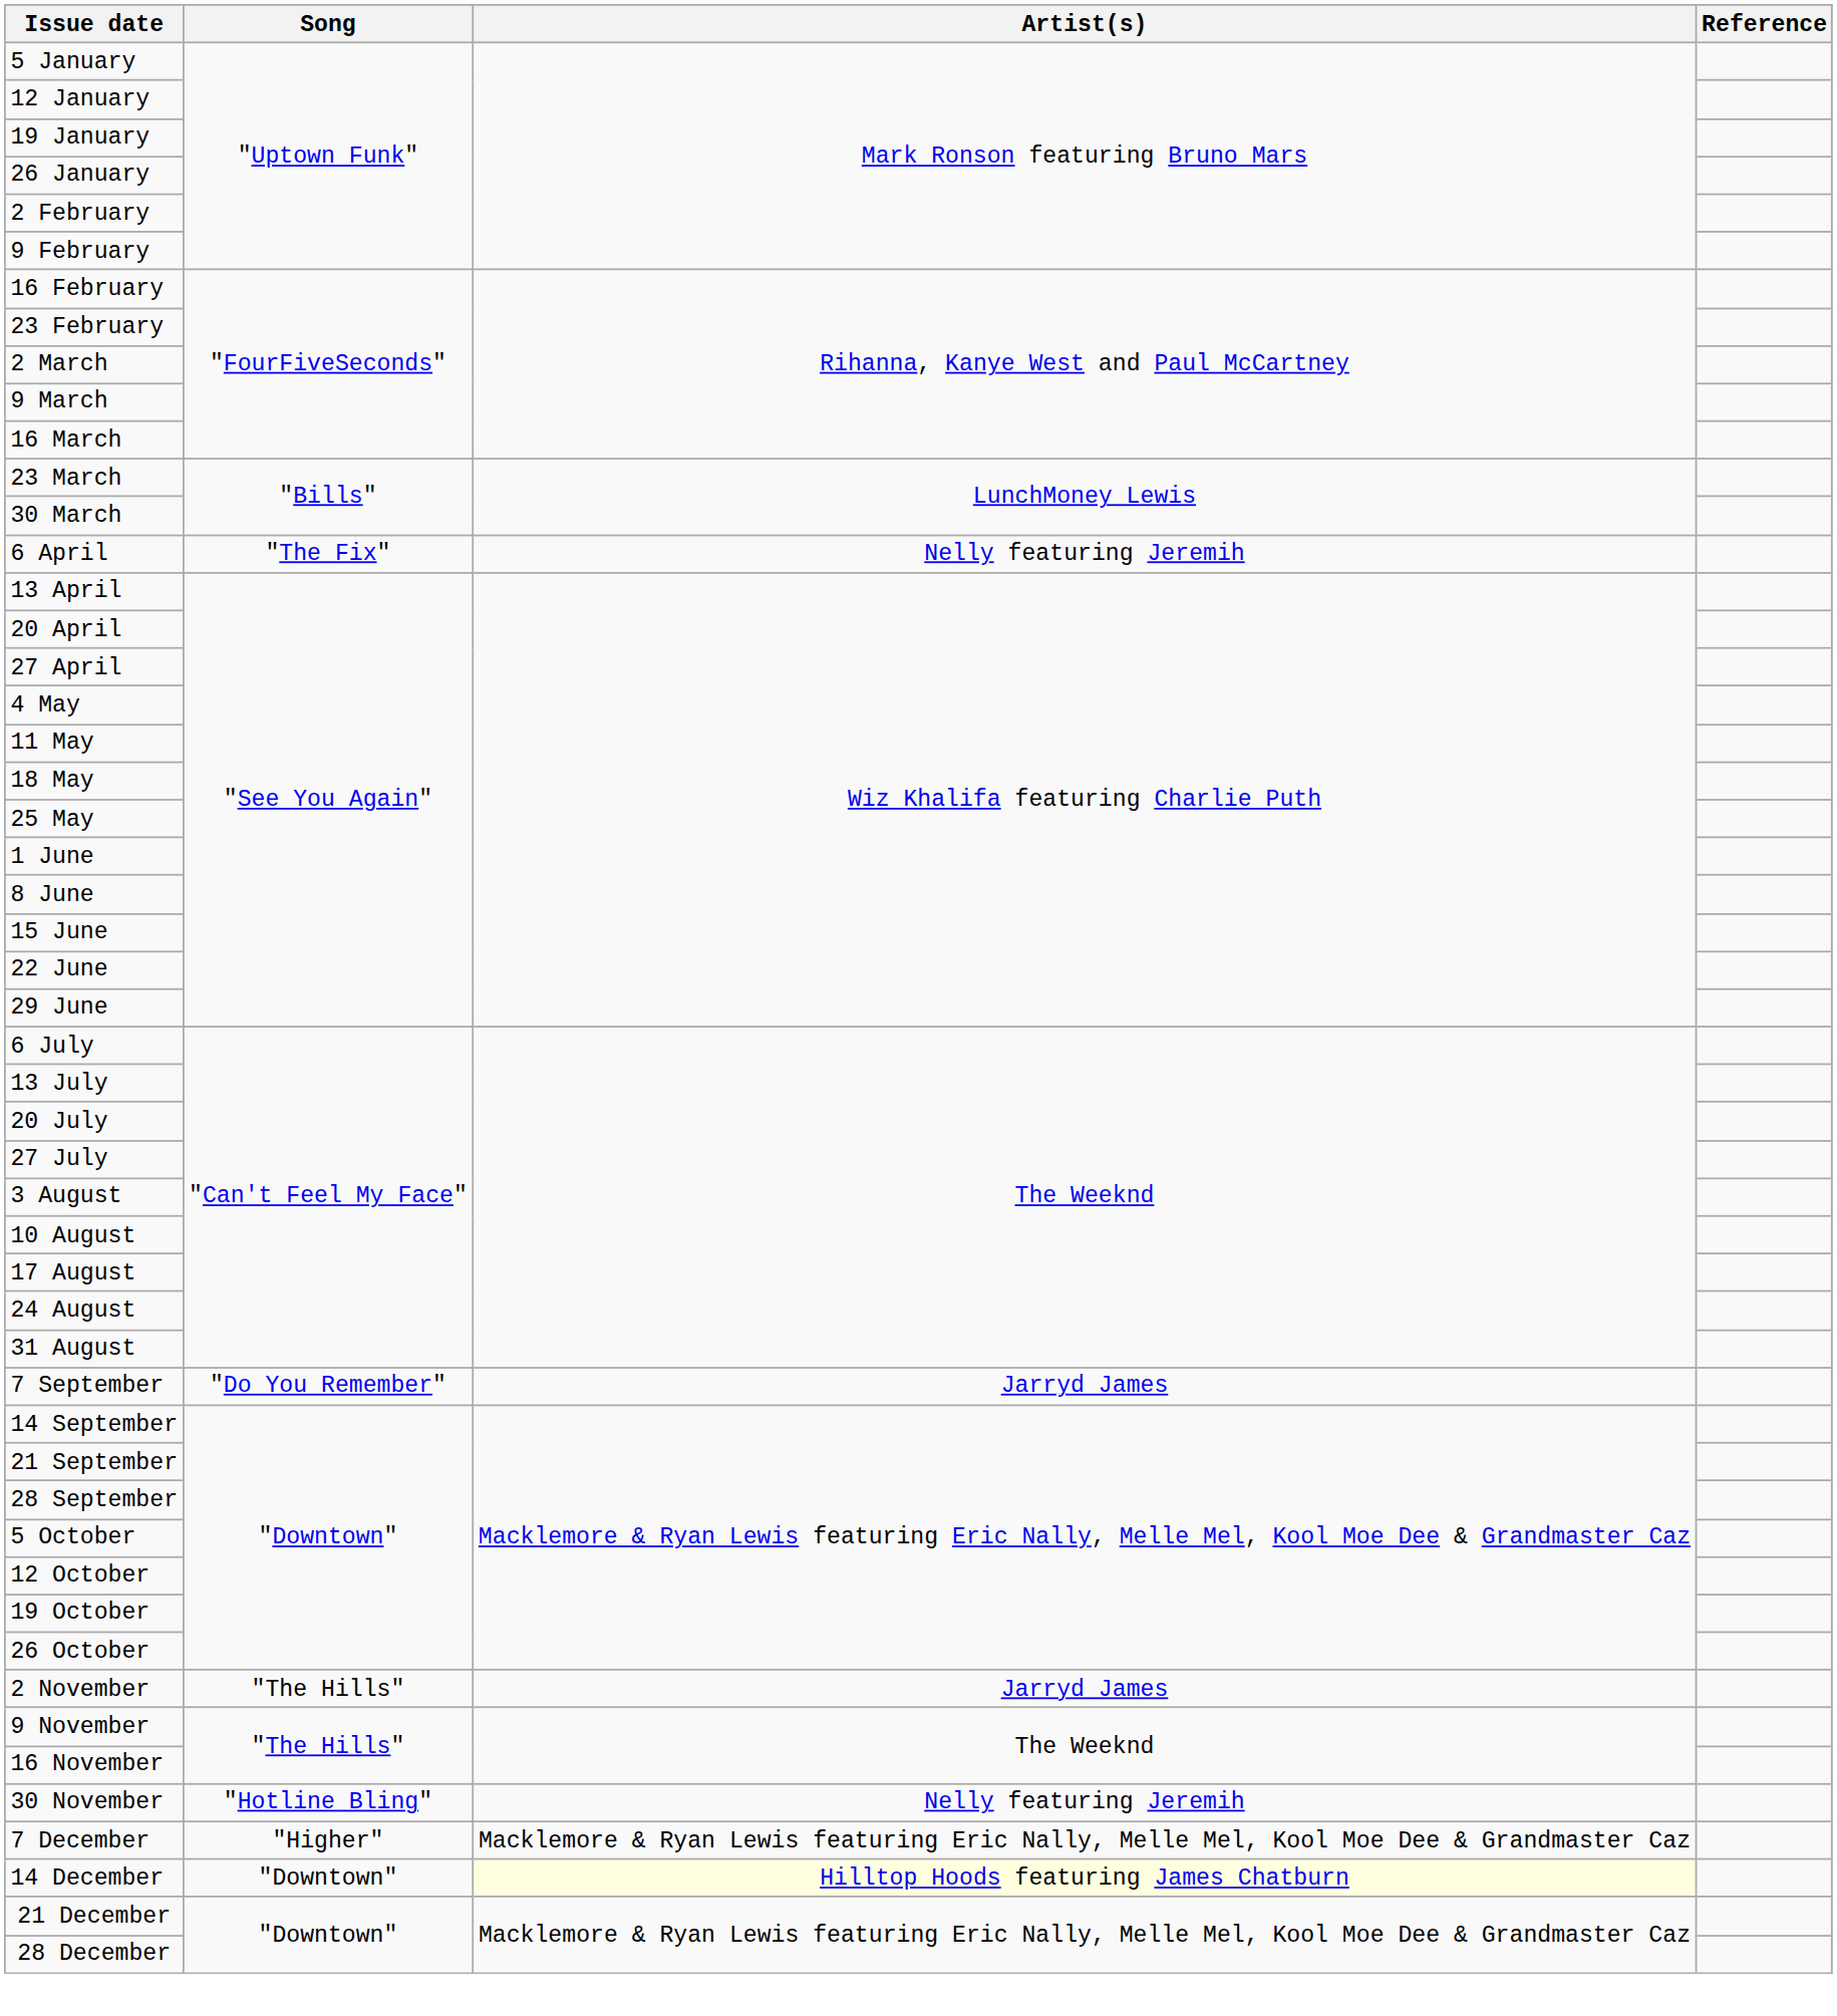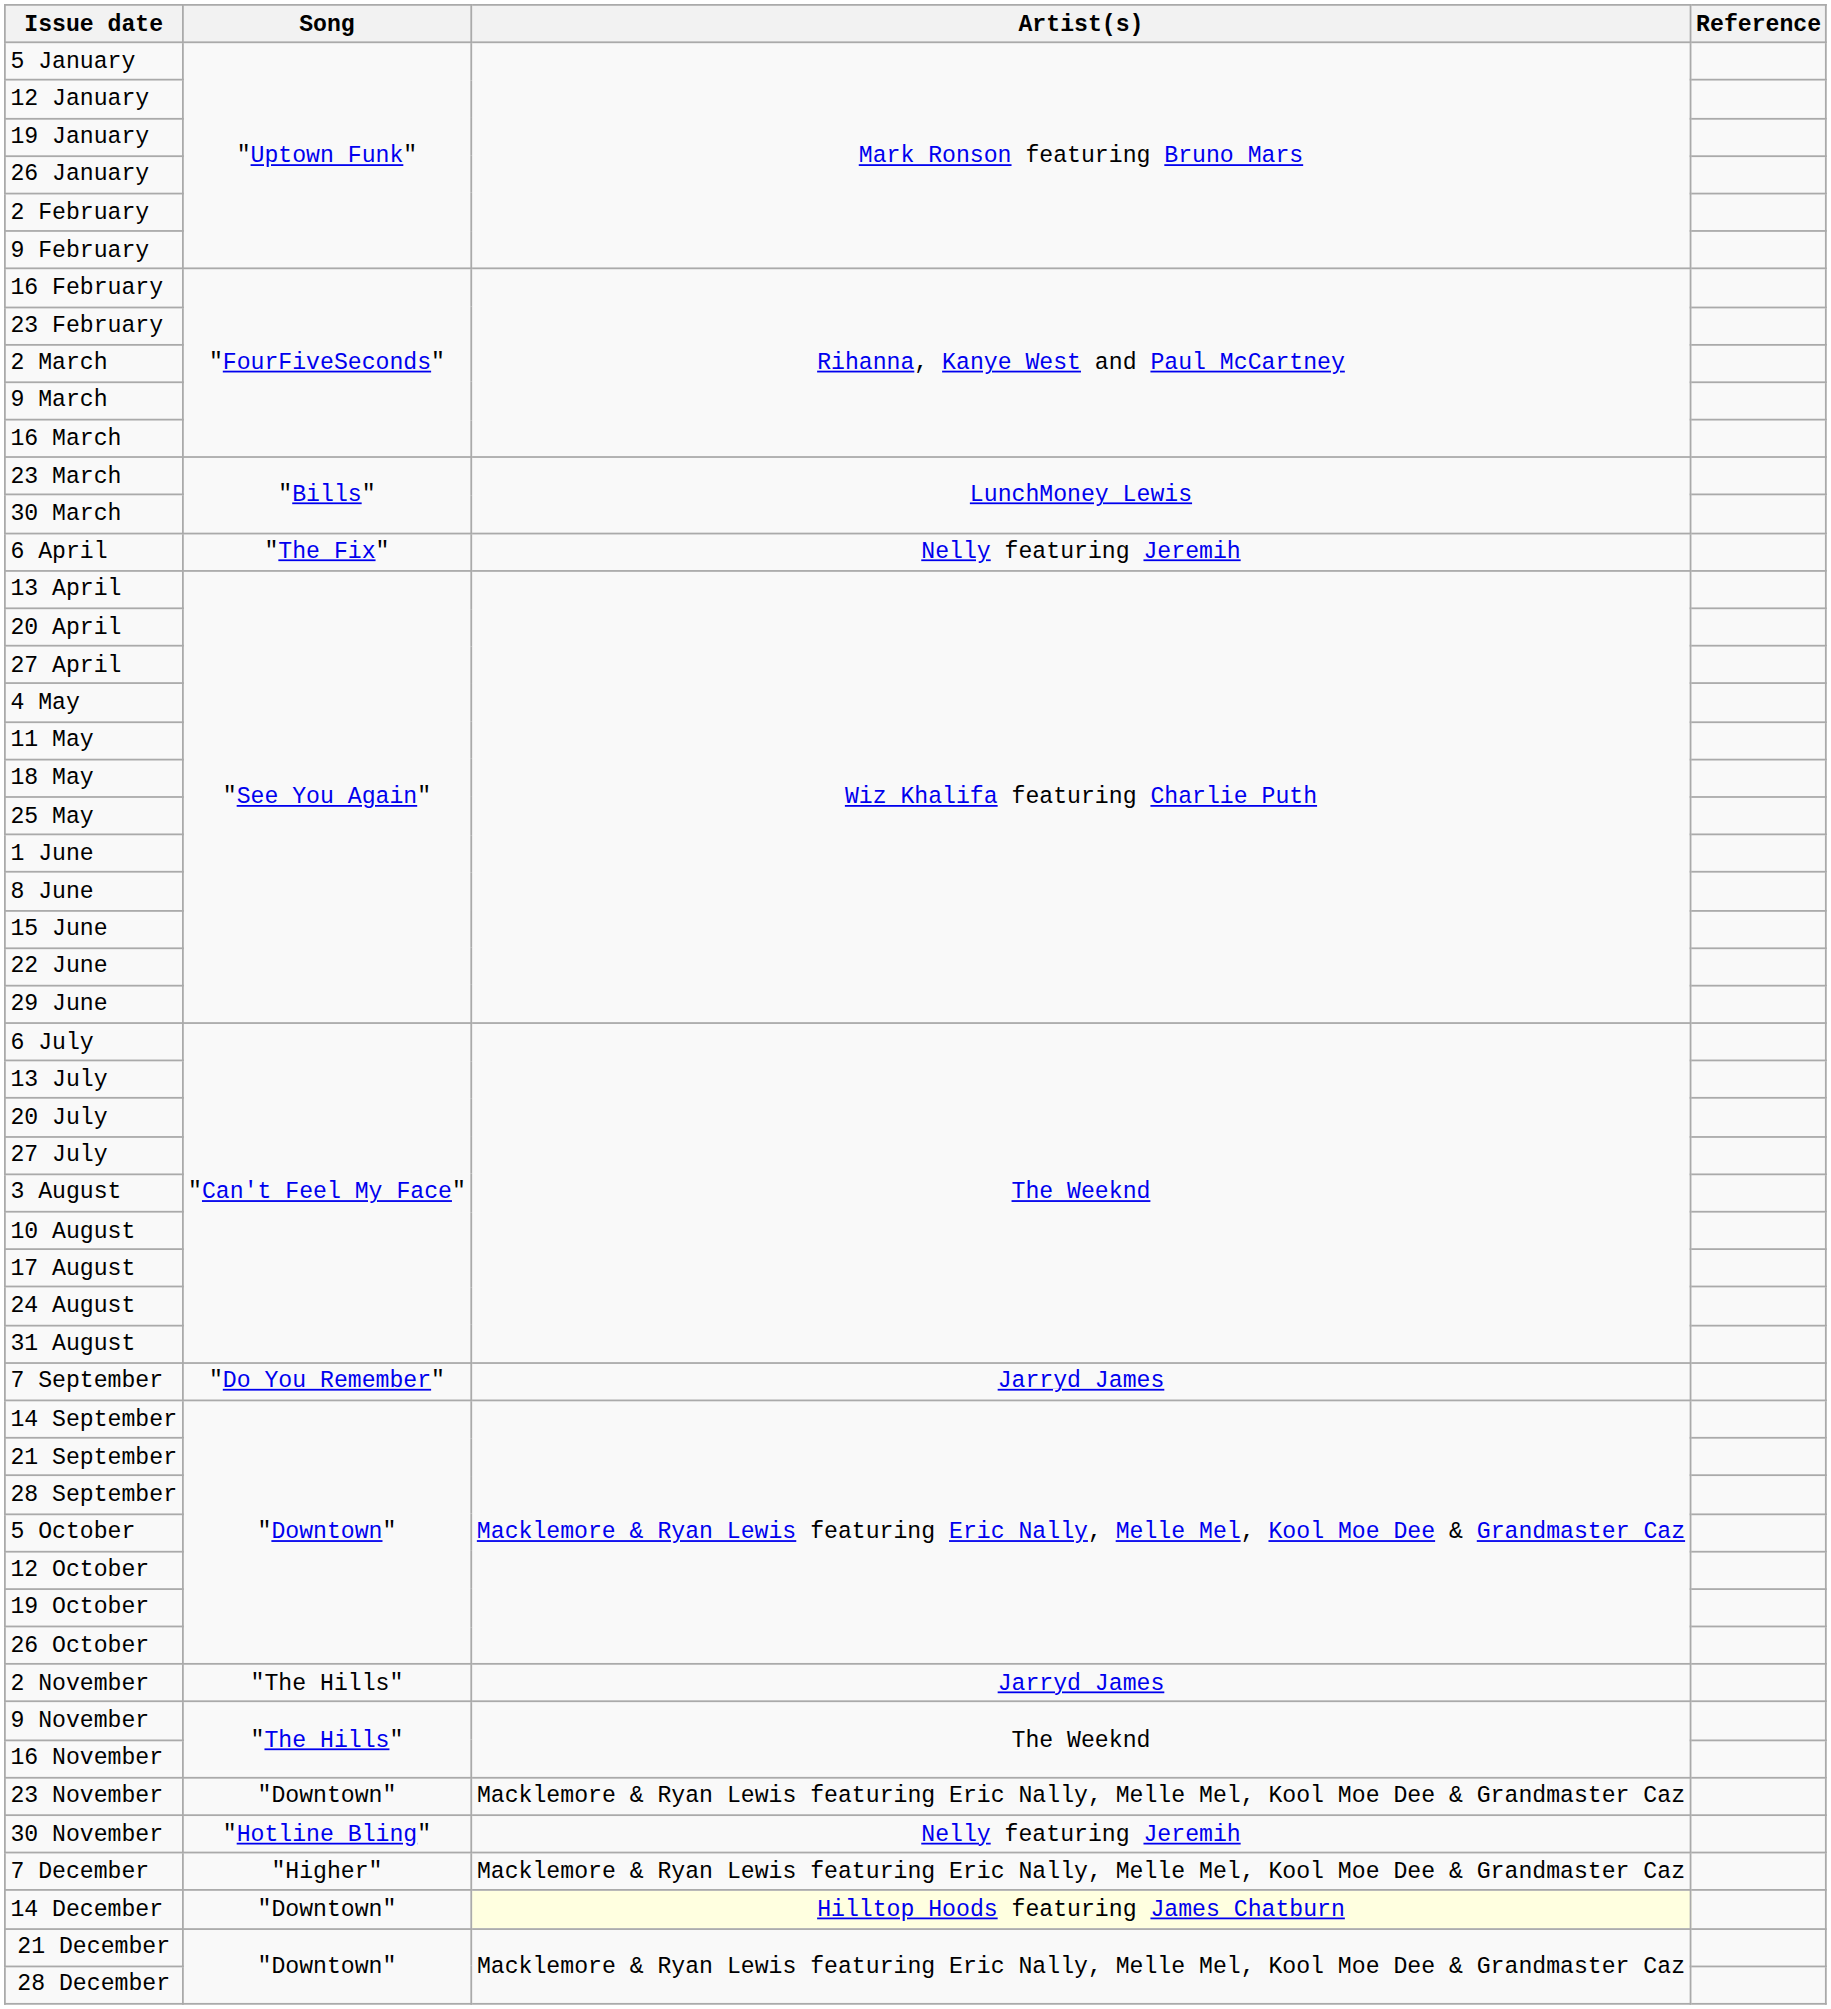 <table class="wikitable">
 <tr>
 <th>Issue date</th>
 <th>Song</th>
 <th>Artist(s)</th>
 <th>Reference</th>
 </tr>
 <tr>
 <td align="left">5 January</td>
 <td align="center" rowspan="6">"<a href='#'>Uptown Funk</a>"</td>
 <td align="center" rowspan="6"><a href='#'>Mark Ronson</a> featuring <a href='#'>Bruno Mars</a></td>
 <td align="center"></td>
 </tr>
 <tr>
 <td align="left">12 January</td>
 <td align="center"></td>
 </tr>
 <tr>
 <td align="left">19 January</td>
 <td align="center"></td>
 </tr>
 <tr>
 <td align="left">26 January</td>
 <td align="center"></td>
 </tr>
 <tr>
 <td align="left">2 February</td>
 <td align="center"></td>
 </tr>
 <tr>
 <td align="left">9 February</td>
 <td align="center"></td>
 </tr>
 <tr>
 <td align="left">16 February</td>
 <td align="center" rowspan="5">"<a href='#'>FourFiveSeconds</a>"</td>
 <td align="center" rowspan="5"><a href='#'>Rihanna</a>, <a href='#'>Kanye West</a> and <a href='#'>Paul McCartney</a></td>
 <td align="center"></td>
 </tr>
 <tr>
 <td align="left">23 February</td>
 <td align="center"></td>
 </tr>
 <tr>
 <td align="left">2 March</td>
 <td align="center"></td>
 </tr>
 <tr>
 <td align="left">9 March</td>
 <td align="center"></td>
 </tr>
 <tr>
 <td align="left">16 March</td>
 <td align="center"></td>
 </tr>
 <tr>
 <td align="left">23 March</td>
 <td align="center" rowspan="2">"<a href='#'>Bills</a>"</td>
 <td align="center" rowspan="2"><a href='#'>LunchMoney Lewis</a></td>
 <td align="center"></td>
 </tr>
 <tr>
 <td align="left">30 March</td>
 <td align="center"></td>
 </tr>
 <tr>
 <td align="left">6 April</td>
 <td align="center">"<a href='#'>The Fix</a>"</td>
 <td align="center"><a href='#'>Nelly</a> featuring <a href='#'>Jeremih</a></td>
 <td align="center"></td>
 </tr>
 <tr>
 <td align="left">13 April</td>
 <td align="center" rowspan="12">"<a href='#'>See You Again</a>"</td>
 <td align="center" rowspan="12"><a href='#'>Wiz Khalifa</a> featuring <a href='#'>Charlie Puth</a></td>
 <td align="center"></td>
 </tr>
 <tr>
 <td align="left">20 April</td>
 <td align="center"></td>
 </tr>
 <tr>
 <td align="left">27 April</td>
 <td align="center"></td>
 </tr>
 <tr>
 <td align="left">4 May</td>
 <td align="center"></td>
 </tr>
 <tr>
 <td align="left">11 May</td>
 <td align="center"></td>
 </tr>
 <tr>
 <td align="left">18 May</td>
 <td align="center"></td>
 </tr>
 <tr>
 <td align="left">25 May</td>
 <td align="center"></td>
 </tr>
 <tr>
 <td align="left">1 June</td>
 <td align="center"></td>
 </tr>
 <tr>
 <td align="left">8 June</td>
 <td align="center"></td>
 </tr>
 <tr>
 <td align="left">15 June</td>
 <td align="center"></td>
 </tr>
 <tr>
 <td align="left">22 June</td>
 <td align="center"></td>
 </tr>
 <tr>
 <td align="left">29 June</td>
 <td align="center"></td>
 </tr>
 <tr>
 <td align="left">6 July</td>
 <td align="center" rowspan="9">"<a href='#'>Can't Feel My Face</a>"</td>
 <td align="center" rowspan="9"><a href='#'>The Weeknd</a></td>
 <td align="center"></td>
 </tr>
 <tr>
 <td align="left">13 July</td>
 <td align="center"></td>
 </tr>
 <tr>
 <td align="left">20 July</td>
 <td align="center"></td>
 </tr>
 <tr>
 <td align="left">27 July</td>
 <td align="center"></td>
 </tr>
 <tr>
 <td align="left">3 August</td>
 <td align="center"></td>
 </tr>
 <tr>
 <td align="left">10 August</td>
 <td align="center"></td>
 </tr>
 <tr>
 <td align="left">17 August</td>
 <td align="center"></td>
 </tr>
 <tr>
 <td align="left">24 August</td>
 <td align="center"></td>
 </tr>
 <tr>
 <td align="left">31 August</td>
 <td align="center"></td>
 </tr>
 <tr>
 <td align="left">7 September</td>
 <td align="center">"<a href='#'>Do You Remember</a>"</td>
 <td align="center"><a href='#'>Jarryd James</a></td>
 <td align="center"></td>
 </tr>
 <tr>
 <td align="left">14 September</td>
 <td align="center" rowspan="7">"<a href='#'>Downtown</a>"</td>
 <td align="center" rowspan="7"><a href='#'>Macklemore & Ryan Lewis</a> featuring <a href='#'>Eric Nally</a>, <a href='#'>Melle Mel</a>, <a href='#'>Kool Moe Dee</a> & <a href='#'>Grandmaster Caz</a></td>
 <td align="center"></td>
 </tr>
 <tr>
 <td align="left">21 September</td>
 <td align="center"></td>
 </tr>
 <tr>
 <td align="left">28 September</td>
 <td align="center"></td>
 </tr>
 <tr>
 <td align="left">5 October</td>
 <td align="center"></td>
 </tr>
 <tr>
 <td align="left">12 October</td>
 <td align="center"></td>
 </tr>
 <tr>
 <td align="left">19 October</td>
 <td align="center"></td>
 </tr>
 <tr>
 <td align="left">26 October</td>
 <td align="center"></td>
 </tr>
 <tr>
 <td align="left">2 November</td>
 <td align="center">"The Hills"</td>
 <td align="center"><a href='#'>Jarryd James</a></td>
 <td align="center"></td>
 </tr>
 <tr>
 <td align="left">9 November</td>
 <td align="center" rowspan="2">"<a href='#'>The Hills</a>"</td>
 <td align="center" rowspan="2">The Weeknd</td>
 <td align="center"></td>
 </tr>
 <tr>
 <td align="left">16 November</td>
 <td align="center"></td>
 </tr>
 <tr>
+<td align="left">23 November</td>
+<td align="center">"Downtown"</td>
+<td align="center">Macklemore & Ryan Lewis featuring Eric Nally, Melle Mel, Kool Moe Dee & Grandmaster Caz</td>
+<td align="center"></td>
+</tr>
+<tr>
 <td align="left">30 November</td>
 <td align="center">"<a href='#'>Hotline Bling</a>"</td>
 <td align="center"><a href='#'>Nelly</a> featuring <a href='#'>Jeremih</a></td>
 <td align="center"></td>
 </tr>
 <tr>
 <td align="left">7 December</td>
 <td align="center">"Higher"</td>
 <td align="center">Macklemore & Ryan Lewis featuring Eric Nally, Melle Mel, Kool Moe Dee & Grandmaster Caz</td>
 <td align="center"></td>
 </tr>
 <tr>
 <td align="left">14 December</td>
 <td align="center">"Downtown"</td>
 <td align="center" style="background: lightyellow;"><a href='#'>Hilltop Hoods</a> featuring <a href='#'>James Chatburn</a></td>
 <td align="center"></td>
 </tr>
 <tr>
 <td align="center">21 December</td>
 <td align="center" rowspan="2">"Downtown"</td>
 <td align="center" rowspan="2">Macklemore & Ryan Lewis featuring Eric Nally, Melle Mel, Kool Moe Dee & Grandmaster Caz</td>
 <td align="center"></td>
 </tr>
 <tr>
 <td align="center">28 December</td>
 <td align="center"></td>
 </tr>
 </table>
